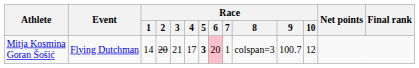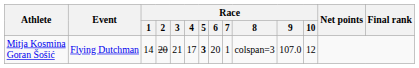 <table class="wikitable" style="font-size:90%">
 <tr>
 <th rowspan="2">Athlete</th>
 <th rowspan="2">Event</th>
 <th colspan=10>Race</th>
 <th rowspan=2>Net points</th>
 <th rowspan=2>Final rank</th>
 </tr>
 <tr style="font-size:95%">
 <th>1</th>
 <th>2</th>
 <th>3</th>
 <th>4</th>
 <th>5</th>
 <th>6</th>
 <th>7</th>
 <th>8</th>
 <th>9</th>
 <th>10</th>
 </tr>
 <tr align=center>
 <td align=left><a href='#'>Mitja Kosmina</a><br><a href='#'>Goran Šošić</a></td>
 <td align=left><a href='#'>Flying Dutchman</a></td>
 <td>14</td>
 <td><s>20</s></td>
 <td>21</td>
 <td>17</td>
 <td><strong>3</strong></td>
-<td style="background: pink;">20</td>
+<td>20</td>
 <td>1</td>
 <td>colspan=3 </td>
-<td>100.7</td>
+<td>107.0</td>
 <td>12</td>
 </tr>
 </table>
